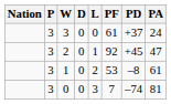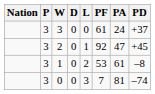 <table class="wikitable" style="text-align: center;">
 <tr>
 <th>Nation</th>
 <th>P</th>
 <th>W</th>
 <th>D</th>
 <th>L</th>
 <th>PF</th>
+<th>PA</th>
 <th>PD</th>
-<th>PA</th>
 </tr>
 <tr>
 <td align="left"></td>
 <td>3</td>
 <td>3</td>
 <td>0</td>
 <td>0</td>
 <td>61</td>
+<td>24</td>
 <td>+37</td>
-<td>24</td>
 </tr>
 <tr>
 <td align="left"></td>
 <td>3</td>
 <td>2</td>
 <td>0</td>
 <td>1</td>
 <td>92</td>
+<td>47</td>
 <td>+45</td>
-<td>47</td>
 </tr>
 <tr>
 <td align="left"></td>
 <td>3</td>
 <td>1</td>
 <td>0</td>
 <td>2</td>
 <td>53</td>
+<td>61</td>
 <td>–8</td>
-<td>61</td>
 </tr>
 <tr>
 <td align="left"></td>
 <td>3</td>
 <td>0</td>
 <td>0</td>
 <td>3</td>
 <td>7</td>
+<td>81</td>
 <td>–74</td>
-<td>81</td>
 </tr>
 </table>
